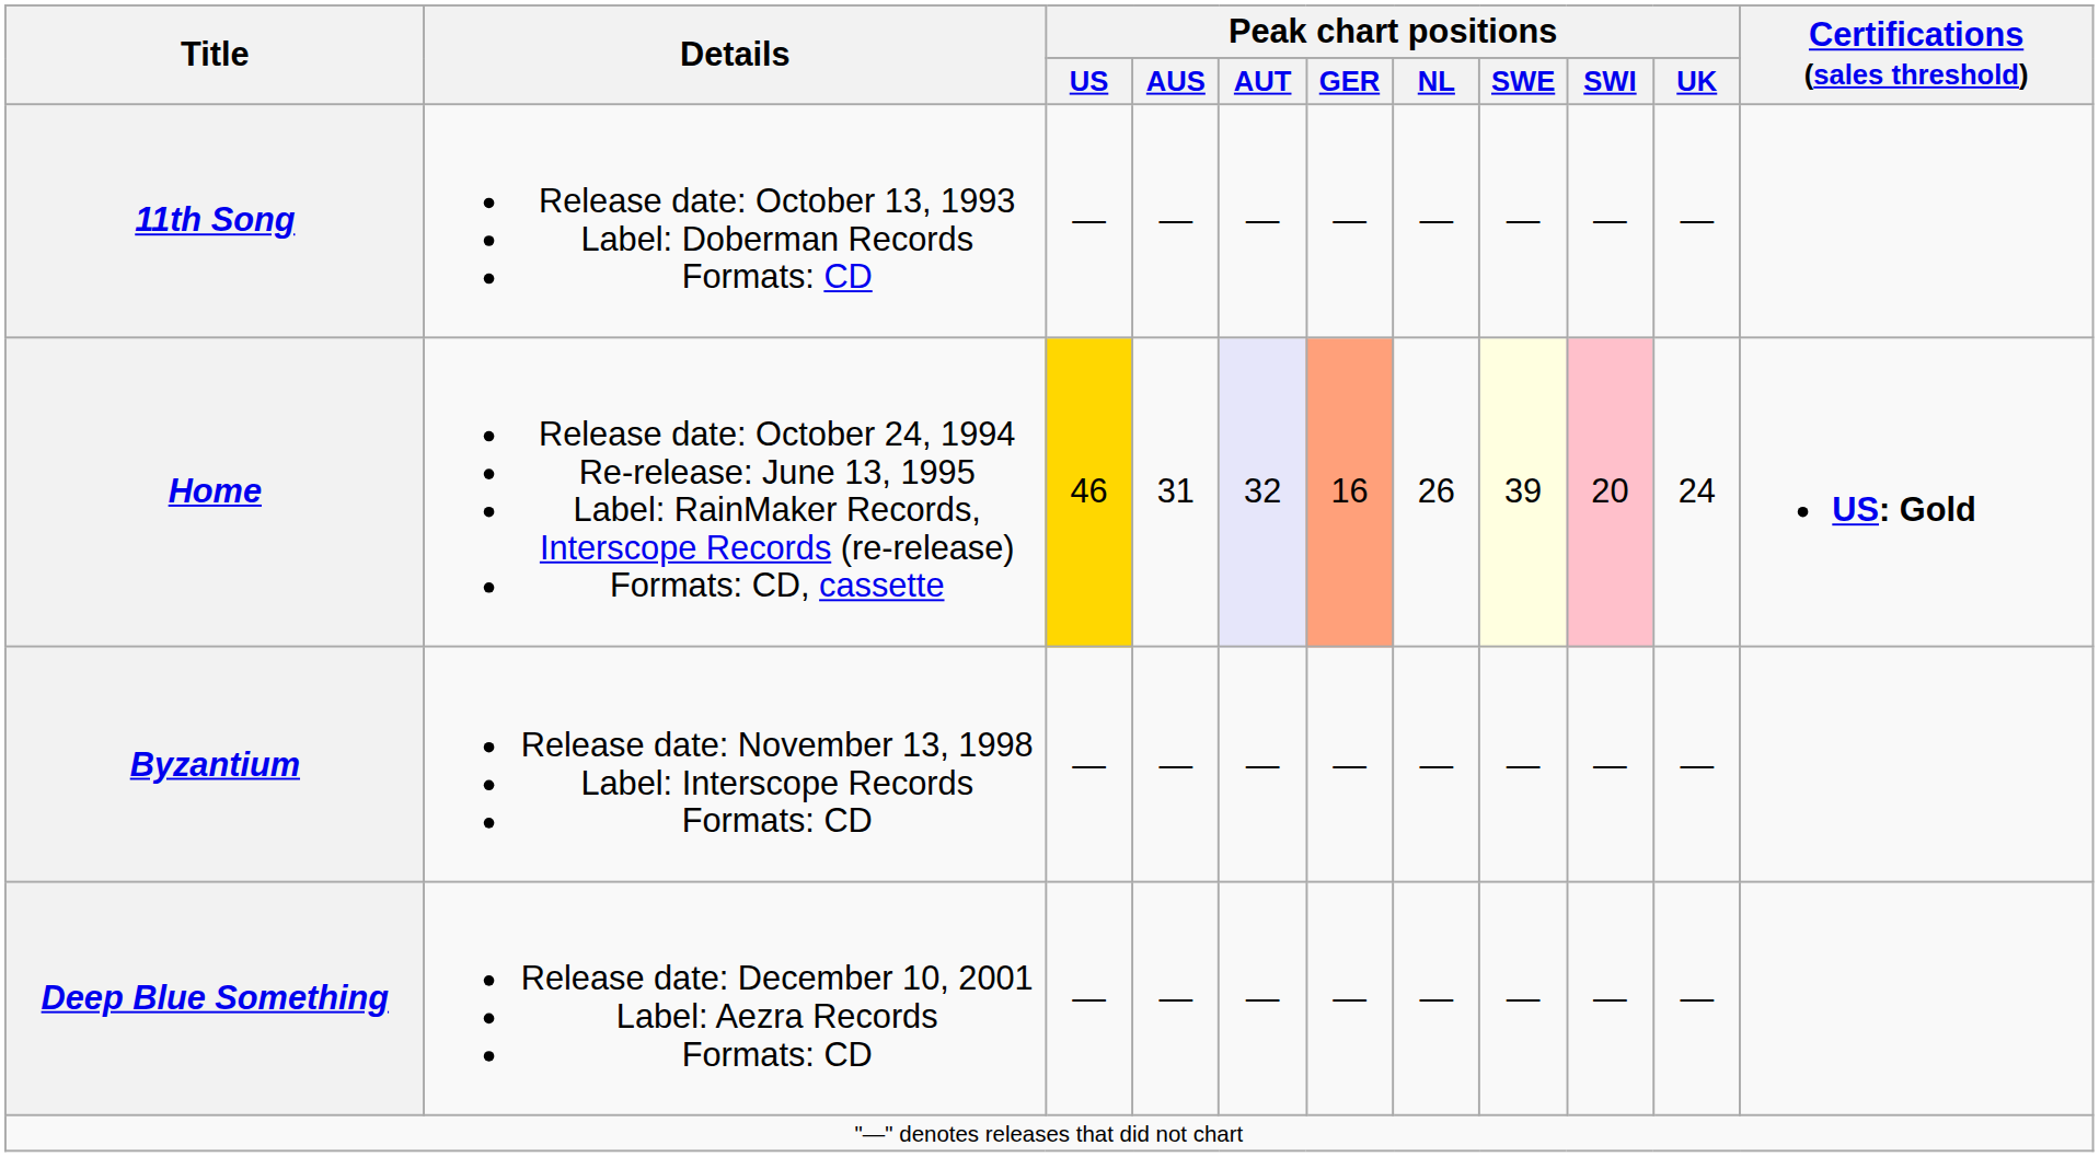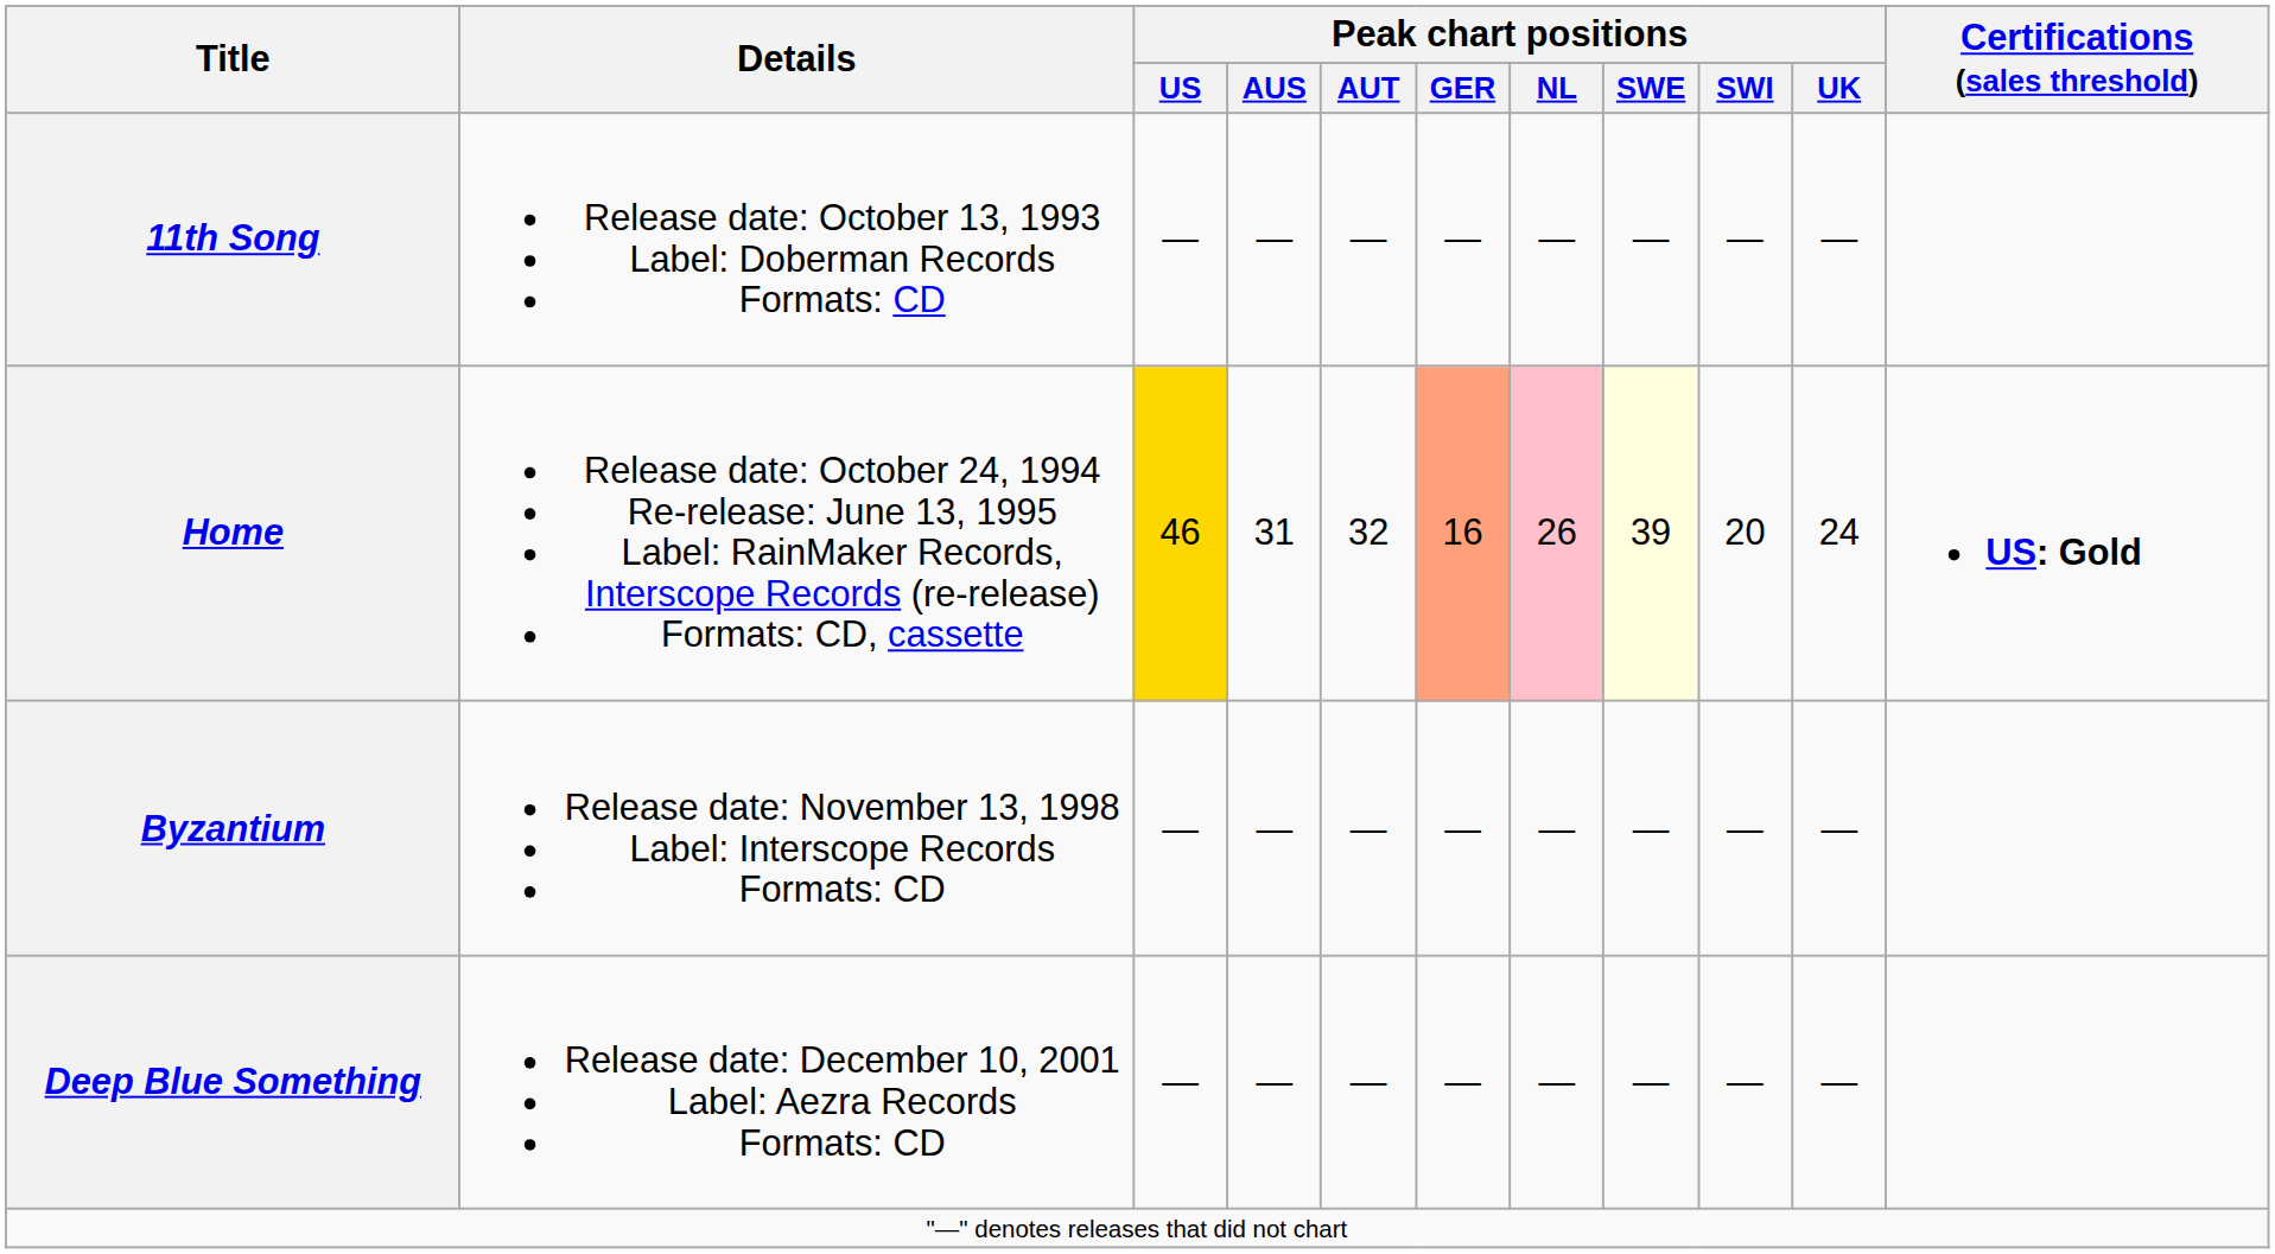 <table class="wikitable plainrowheaders" style="text-align:center;">
 <tr>
 <th rowspan="2" style="width:12em;">Title</th>
 <th rowspan="2" style="width:18em;">Details</th>
 <th colspan="8">Peak chart positions</th>
 <th rowspan="2" style="width:10em;"><a href='#'>Certifications</a><br><small>(<a href='#'>sales threshold</a>)</small></th>
 </tr>
 <tr style="font-size:smaller;">
 <th style="width:35px;"><a href='#'>US</a><br></th>
 <th style="width:35px;"><a href='#'>AUS</a><br></th>
 <th style="width:35px;"><a href='#'>AUT</a><br></th>
 <th style="width:35px;"><a href='#'>GER</a><br></th>
 <th style="width:35px;"><a href='#'>NL</a><br></th>
 <th style="width:35px;"><a href='#'>SWE</a><br></th>
 <th style="width:35px;"><a href='#'>SWI</a><br></th>
 <th style="width:35px;"><a href='#'>UK</a><br></th>
 </tr>
 <tr>
 <th scope="row"><em><a href='#'>11th Song</a></em></th>
 <td><br><ul><li>Release date: October 13, 1993</li><li>Label: Doberman Records</li><li>Formats: <a href='#'>CD</a></li></ul></td>
 <td>—</td>
 <td>—</td>
 <td>—</td>
 <td>—</td>
 <td>—</td>
 <td>—</td>
 <td>—</td>
 <td>—</td>
 <td></td>
 </tr>
 <tr>
 <th scope="row"><em><a href='#'>Home</a></em></th>
 <td><br><ul><li>Release date: October 24, 1994</li><li>Re-release: June 13, 1995</li><li>Label: RainMaker Records, <a href='#'>Interscope Records</a> (re-release)</li><li>Formats: CD, <a href='#'>cassette</a></li></ul></td>
 <td style="background: gold;">46</td>
 <td>31</td>
-<td style="background: lavender;">32</td>
+<td>32</td>
 <td style="background: lightsalmon;">16</td>
-<td>26</td>
+<td style="background: pink;">26</td>
 <td style="background: lightyellow;">39</td>
-<td style="background: pink;">20</td>
+<td>20</td>
 <td>24</td>
 <td style="text-align:left;"><strong><br><ul><li><a href='#'>US</a>: Gold</li></ul></strong></td>
 </tr>
 <tr>
 <th scope="row"><em><a href='#'>Byzantium</a></em></th>
 <td><br><ul><li>Release date: November 13, 1998</li><li>Label: Interscope Records</li><li>Formats: CD</li></ul></td>
 <td>—</td>
 <td>—</td>
 <td>—</td>
 <td>—</td>
 <td>—</td>
 <td>—</td>
 <td>—</td>
 <td>—</td>
 <td></td>
 </tr>
 <tr>
 <th scope="row"><em><a href='#'>Deep Blue Something</a></em></th>
 <td><br><ul><li>Release date: December 10, 2001</li><li>Label: Aezra Records</li><li>Formats: CD</li></ul></td>
 <td>—</td>
 <td>—</td>
 <td>—</td>
 <td>—</td>
 <td>—</td>
 <td>—</td>
 <td>—</td>
 <td>—</td>
 <td></td>
 </tr>
 <tr>
 <td colspan="15" style="font-size:8pt">"—" denotes releases that did not chart</td>
 </tr>
 </table>
